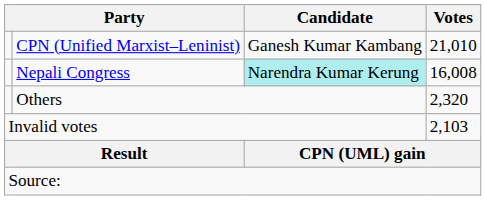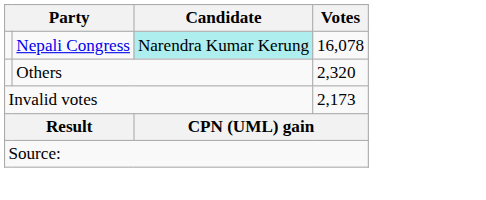 <table class="wikitable">
 <tr>
 <th colspan="2">Party</th>
 <th>Candidate</th>
 <th>Votes</th>
 </tr>
 <tr>
 <td style="background-color:"></td>
-<td><a href='#'>CPN (Unified Marxist–Leninist)</a></td>
-<td>Ganesh Kumar Kambang</td>
-<td>21,010</td>
-</tr>
-<tr>
-<td style="background-color:"></td>
 <td><a href='#'>Nepali Congress</a></td>
 <td style="background: paleturquoise;">Narendra Kumar Kerung</td>
-<td>16,008</td>
+<td>16,078</td>
 </tr>
 <tr>
 <td></td>
 <td colspan="2">Others</td>
 <td>2,320</td>
 </tr>
 <tr>
 <td colspan="3">Invalid votes</td>
-<td>2,103</td>
+<td>2,173</td>
 </tr>
 <tr>
 <th colspan="2">Result</th>
 <th colspan="2">CPN (UML) gain</th>
 </tr>
 <tr>
 <td colspan="4">Source: </td>
 </tr>
 </table>
